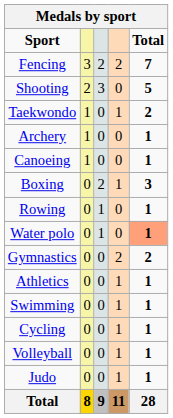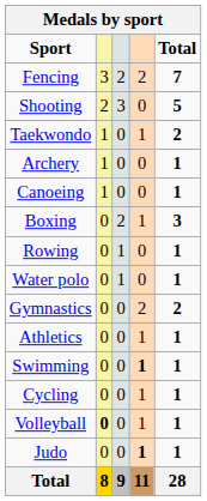 <table class="wikitable" style="font-size:95%">
 <tr style="background:#efefef;">
 <th colspan=5>Medals by sport</th>
 </tr>
 <tr align=center>
 <td><strong>Sport</strong></td>
 <td bgcolor=#f7f6a8></td>
 <td bgcolor=#dce5e5></td>
 <td bgcolor=#ffdab9></td>
 <td><strong>Total</strong></td>
 </tr>
 <tr align=center>
 <td><a href='#'>Fencing</a></td>
 <td style="background:#F7F6A8;">3</td>
 <td style="background:#DCE5E5;">2</td>
 <td style="background:#FFDAB9;">2</td>
 <td><strong>7</strong></td>
 </tr>
 <tr align=center>
 <td><a href='#'>Shooting</a></td>
 <td style="background:#F7F6A8;">2</td>
 <td style="background:#DCE5E5;">3</td>
 <td style="background:#FFDAB9;">0</td>
 <td><strong>5</strong></td>
 </tr>
 <tr align=center>
 <td><a href='#'>Taekwondo</a></td>
 <td style="background:#F7F6A8;">1</td>
 <td style="background:#DCE5E5;">0</td>
 <td style="background:#FFDAB9;">1</td>
 <td><strong>2</strong></td>
 </tr>
 <tr align=center>
 <td><a href='#'>Archery</a></td>
 <td style="background:#F7F6A8;">1</td>
 <td style="background:#DCE5E5;">0</td>
 <td style="background:#FFDAB9;">0</td>
 <td><strong>1</strong></td>
 </tr>
 <tr align=center>
 <td><a href='#'>Canoeing</a></td>
 <td style="background:#F7F6A8;">1</td>
 <td style="background:#DCE5E5;">0</td>
 <td style="background:#FFDAB9;">0</td>
 <td><strong>1</strong></td>
 </tr>
 <tr align=center>
 <td><a href='#'>Boxing</a></td>
 <td style="background:#F7F6A8;">0</td>
 <td style="background:#DCE5E5;">2</td>
 <td style="background:#FFDAB9;">1</td>
 <td><strong>3</strong></td>
 </tr>
 <tr align=center>
 <td><a href='#'>Rowing</a></td>
 <td style="background:#F7F6A8;">0</td>
 <td style="background:#DCE5E5;">1</td>
 <td style="background:#FFDAB9;">0</td>
 <td><strong>1</strong></td>
 </tr>
 <tr align=center>
 <td><a href='#'>Water polo</a></td>
 <td style="background:#F7F6A8;">0</td>
 <td style="background:#DCE5E5;">1</td>
 <td style="background:#FFDAB9;">0</td>
-<td style="background: lightsalmon;"><strong>1</strong></td>
+<td><strong>1</strong></td>
 </tr>
 <tr align=center>
 <td><a href='#'>Gymnastics</a></td>
 <td style="background:#F7F6A8;">0</td>
 <td style="background:#DCE5E5;">0</td>
 <td style="background:#FFDAB9;">2</td>
 <td><strong>2</strong></td>
 </tr>
 <tr align=center>
 <td><a href='#'>Athletics</a></td>
 <td style="background:#F7F6A8;">0</td>
 <td style="background:#DCE5E5;">0</td>
 <td style="background:#FFDAB9;">1</td>
 <td><strong>1</strong></td>
 </tr>
 <tr align=center>
 <td><a href='#'>Swimming</a></td>
 <td style="background:#F7F6A8;">0</td>
 <td style="background:#DCE5E5;">0</td>
-<td style="background:#FFDAB9;">1</td>
+<td style="background:#FFDAB9;"><strong>1</strong></td>
 <td><strong>1</strong></td>
 </tr>
 <tr align=center>
 <td><a href='#'>Cycling</a></td>
 <td style="background:#F7F6A8;">0</td>
 <td style="background:#DCE5E5;">0</td>
 <td style="background:#FFDAB9;">1</td>
 <td><strong>1</strong></td>
 </tr>
 <tr align=center>
 <td><a href='#'>Volleyball</a></td>
-<td style="background:#F7F6A8;">0</td>
+<td style="background:#F7F6A8;"><strong>0</strong></td>
 <td style="background:#DCE5E5;">0</td>
 <td style="background:#FFDAB9;">1</td>
 <td><strong>1</strong></td>
 </tr>
 <tr align=center>
 <td><a href='#'>Judo</a></td>
 <td style="background:#F7F6A8;">0</td>
 <td style="background:#DCE5E5;">0</td>
-<td style="background:#FFDAB9;">1</td>
+<td style="background:#FFDAB9;"><strong>1</strong></td>
 <td><strong>1</strong></td>
 </tr>
 <tr align=center>
 <th>Total</th>
 <th style="background:gold;">8</th>
 <th style="background:silver;">9</th>
 <th style="background:#c96;">11</th>
 <th>28</th>
 </tr>
 </table>
